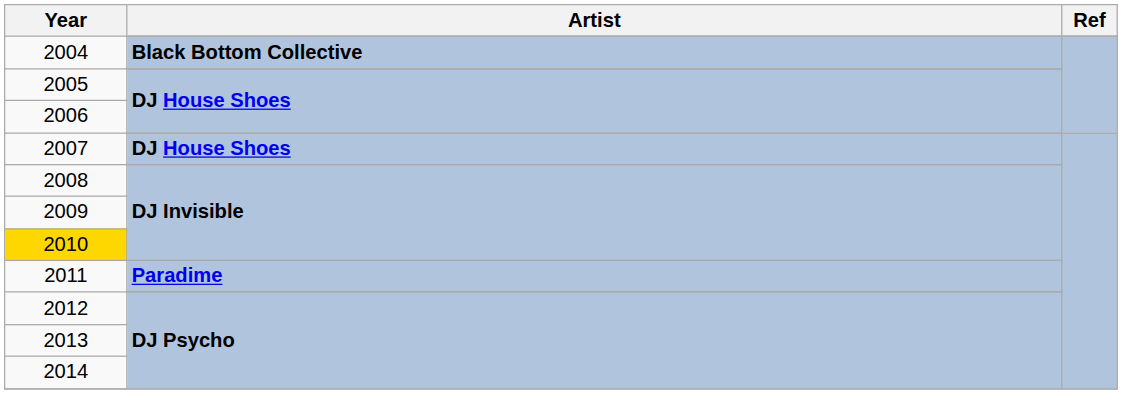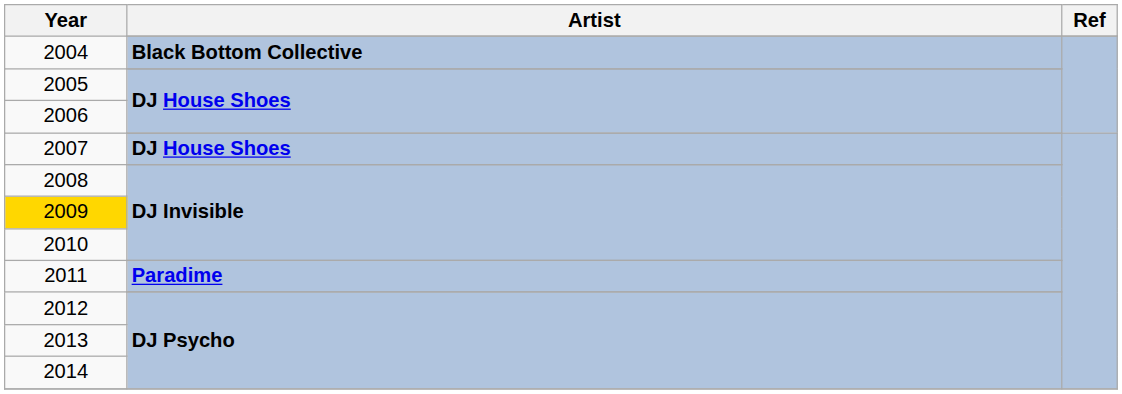 <table class="wikitable" style="width:100%;">
 <tr>
 <th style="width:11%;">Year</th>
 <th style="width:84%;">Artist</th>
 <th style="width:5%;">Ref</th>
 </tr>
 <tr>
 <td rowspan="2" align="center">2004</td>
 </tr>
 <tr style="background:#B0C4DE">
 <td><strong>Black Bottom Collective</strong></td>
 <td rowspan="5"></td>
 </tr>
 <tr>
 <td rowspan="2" align="center">2005</td>
 </tr>
 <tr style="background:#B0C4DE">
 <td rowspan="2"><strong>DJ <a href='#'>House Shoes</a></strong></td>
 </tr>
 <tr>
 <td align="center">2006</td>
 </tr>
 <tr>
 <td rowspan="2" align="center">2007</td>
 </tr>
 <tr style="background:#B0C4DE">
 <td><strong>DJ <a href='#'>House Shoes</a></strong></td>
 <td rowspan="11" align="center"></td>
 </tr>
 <tr>
 <td rowspan="2" align="center">2008</td>
 </tr>
 <tr style="background:#B0C4DE">
 <td rowspan="3"><strong>DJ Invisible</strong></td>
 </tr>
 <tr>
-<td align="center">2009</td>
+<td align="center" style="background: gold;">2009</td>
 </tr>
 <tr>
-<td align="center" style="background: gold;">2010</td>
+<td align="center">2010</td>
 </tr>
 <tr>
 <td rowspan="2" align="center">2011</td>
 </tr>
 <tr style="background:#B0C4DE">
 <td><strong><a href='#'>Paradime</a></strong></td>
 </tr>
 <tr>
 <td rowspan="2" align="center">2012</td>
 </tr>
 <tr style="background:#B0C4DE">
 <td rowspan="3"><strong>DJ Psycho</strong></td>
 </tr>
 <tr>
 <td align="center">2013</td>
 </tr>
 <tr>
 <td align="center">2014</td>
 </tr>
 <tr>
 </tr>
 </table>
